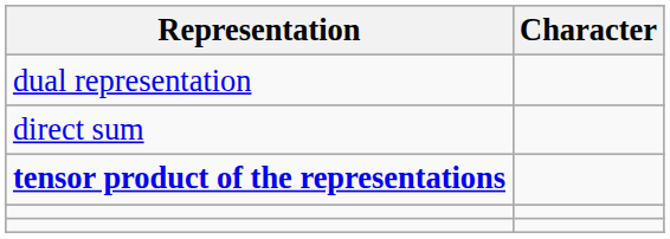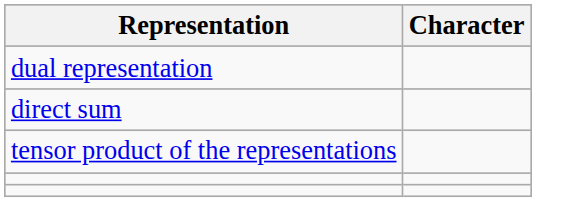 <table class="wikitable">
 <tr>
 <th>Representation</th>
 <th>Character</th>
 </tr>
 <tr>
 <td><a href='#'>dual representation</a></td>
 <td></td>
 </tr>
 <tr>
 <td><a href='#'>direct sum</a></td>
 <td></td>
 </tr>
 <tr>
-<td><strong><a href='#'>tensor product of the representations</a></strong></td>
+<td><a href='#'>tensor product of the representations</a></td>
 <td><br></td>
 </tr>
 <tr>
 <td></td>
 <td></td>
 </tr>
 <tr>
 <td></td>
 <td></td>
 </tr>
 </table>
